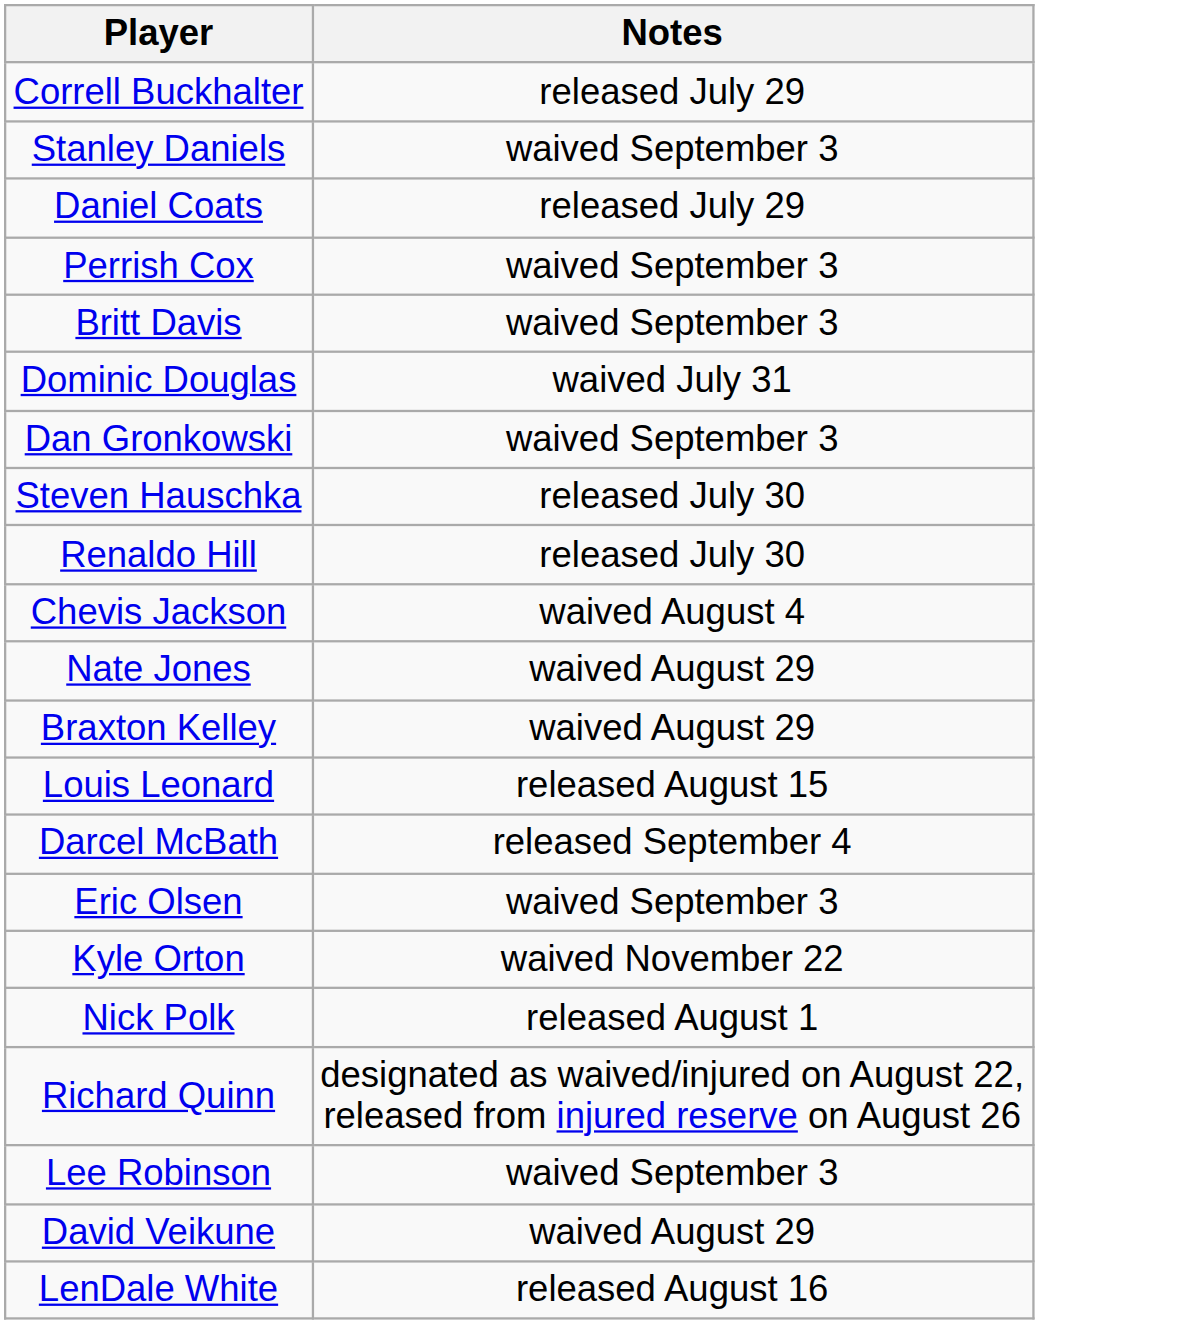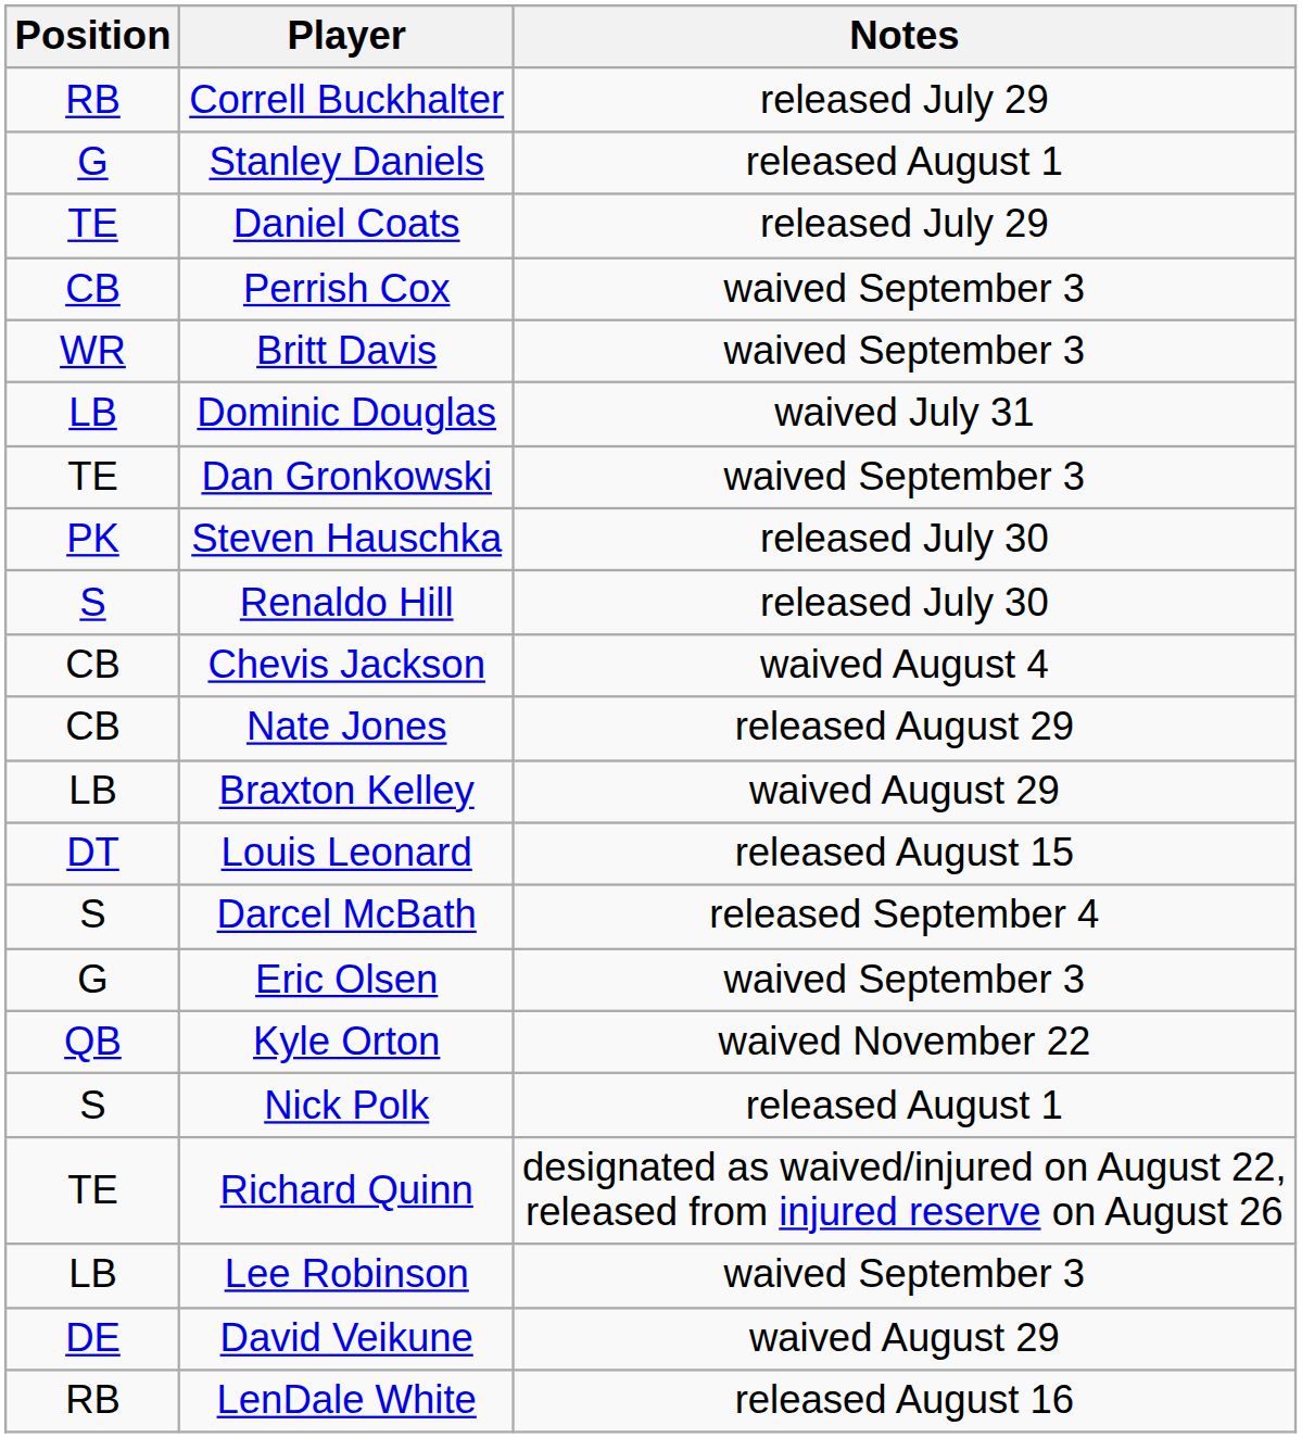 <table class="wikitable" style="text-align:center">
 <tr>
+<th>Position</th>
 <th>Player</th>
 <th>Notes</th>
 </tr>
 <tr>
+<td><a href='#'>RB</a></td>
 <td><a href='#'>Correll Buckhalter</a></td>
 <td>released July 29</td>
 </tr>
 <tr>
+<td><a href='#'>G</a></td>
 <td><a href='#'>Stanley Daniels</a></td>
-<td>waived September 3</td>
+<td>released August 1</td>
 </tr>
 <tr>
+<td><a href='#'>TE</a></td>
 <td><a href='#'>Daniel Coats</a></td>
 <td>released July 29</td>
 </tr>
 <tr>
+<td><a href='#'>CB</a></td>
 <td><a href='#'>Perrish Cox</a></td>
 <td>waived September 3</td>
 </tr>
 <tr>
+<td><a href='#'>WR</a></td>
 <td><a href='#'>Britt Davis</a></td>
 <td>waived September 3</td>
 </tr>
 <tr>
+<td><a href='#'>LB</a></td>
 <td><a href='#'>Dominic Douglas</a></td>
 <td>waived July 31</td>
 </tr>
 <tr>
+<td>TE</td>
 <td><a href='#'>Dan Gronkowski</a></td>
 <td>waived September 3</td>
 </tr>
 <tr>
+<td><a href='#'>PK</a></td>
 <td><a href='#'>Steven Hauschka</a></td>
 <td>released July 30</td>
 </tr>
 <tr>
+<td><a href='#'>S</a></td>
 <td><a href='#'>Renaldo Hill</a></td>
 <td>released July 30</td>
 </tr>
 <tr>
+<td>CB</td>
 <td><a href='#'>Chevis Jackson</a></td>
 <td>waived August 4</td>
 </tr>
 <tr>
+<td>CB</td>
 <td><a href='#'>Nate Jones</a></td>
-<td>waived August 29</td>
+<td>released August 29</td>
 </tr>
 <tr>
+<td>LB</td>
 <td><a href='#'>Braxton Kelley</a></td>
 <td>waived August 29</td>
 </tr>
 <tr>
+<td><a href='#'>DT</a></td>
 <td><a href='#'>Louis Leonard</a></td>
 <td>released August 15</td>
 </tr>
 <tr>
+<td>S</td>
 <td><a href='#'>Darcel McBath</a></td>
 <td>released September 4</td>
 </tr>
 <tr>
+<td>G</td>
 <td><a href='#'>Eric Olsen</a></td>
 <td>waived September 3</td>
 </tr>
 <tr>
+<td><a href='#'>QB</a></td>
 <td><a href='#'>Kyle Orton</a></td>
 <td>waived November 22</td>
 </tr>
 <tr>
+<td>S</td>
 <td><a href='#'>Nick Polk</a></td>
 <td>released August 1</td>
 </tr>
 <tr>
+<td>TE</td>
 <td><a href='#'>Richard Quinn</a></td>
 <td>designated as waived/injured on August 22,<br>released from <a href='#'>injured reserve</a> on August 26</td>
 </tr>
 <tr>
+<td>LB</td>
 <td><a href='#'>Lee Robinson</a></td>
 <td>waived September 3</td>
 </tr>
 <tr>
+<td><a href='#'>DE</a></td>
 <td><a href='#'>David Veikune</a></td>
 <td>waived August 29</td>
 </tr>
 <tr>
+<td>RB</td>
 <td><a href='#'>LenDale White</a></td>
 <td>released August 16</td>
 </tr>
 </table>
